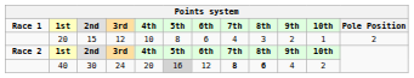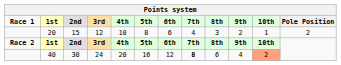 <table class="wikitable" style="font-size: 85%; text-align: center">
 <tr>
 <th colspan=12>Points system</th>
 </tr>
 <tr>
 <td> <strong>Race 1</strong> </td>
 <td style="background:#ffffbf;"> <strong>1st</strong> </td>
 <td style="background:#dfdfdf;"> <strong>2nd</strong> </td>
 <td style="background:#ffdf9f;"> <strong>3rd</strong> </td>
 <td style="background:#dfffdf;"> <strong>4th</strong> </td>
 <td style="background:#dfffdf;"> <strong>5th</strong> </td>
 <td style="background:#dfffdf;"> <strong>6th</strong> </td>
 <td style="background:#dfffdf;"> <strong>7th</strong> </td>
 <td style="background:#dfffdf;"> <strong>8th</strong> </td>
 <td style="background:#dfffdf;"> <strong>9th</strong> </td>
 <td style="background:#dfffdf;"> <strong>10th</strong> </td>
 <th>Pole Position</th>
 </tr>
 <tr>
 <td></td>
 <td>20</td>
 <td>15</td>
 <td>12</td>
 <td>10</td>
 <td>8</td>
 <td>6</td>
 <td>4</td>
 <td>3</td>
 <td>2</td>
 <td>1</td>
 <td>2</td>
 </tr>
 <tr>
 <td> <strong>Race 2</strong> </td>
 <td style="background:#ffffbf;"> <strong>1st</strong> </td>
 <td style="background:#dfdfdf;"> <strong>2nd</strong> </td>
 <td style="background:#ffdf9f;"> <strong>3rd</strong> </td>
 <td style="background:#dfffdf;"> <strong>4th</strong> </td>
 <td style="background:#dfffdf;"> <strong>5th</strong> </td>
 <td style="background:#dfffdf;"> <strong>6th</strong> </td>
 <td style="background:#dfffdf;"> <strong>7th</strong> </td>
 <td style="background:#dfffdf;"> <strong>8th</strong> </td>
 <td style="background:#dfffdf;"> <strong>9th</strong> </td>
 <td style="background:#dfffdf;"> <strong>10th</strong> </td>
 </tr>
 <tr>
 <td></td>
 <td>40</td>
 <td>30</td>
 <td>24</td>
 <td>20</td>
-<td style="background: lightgrey;">16</td>
+<td>16</td>
 <td>12</td>
 <td><strong>8</strong></td>
-<td><strong>6</strong></td>
+<td>6</td>
 <td>4</td>
-<td>2</td>
+<td style="background: lightsalmon;">2</td>
 </tr>
 </table>
